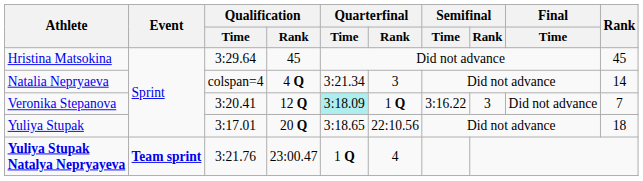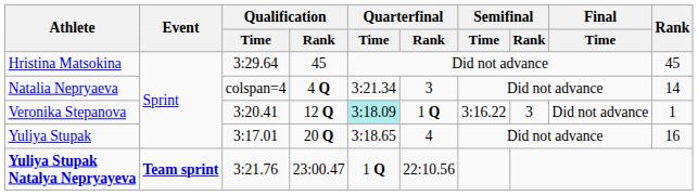 <table class=wikitable style="text-align:center; font-size:90%">
 <tr>
 <th rowspan=2>Athlete</th>
 <th rowspan=2>Event</th>
 <th colspan=2>Qualification</th>
 <th colspan=2>Quarterfinal</th>
 <th colspan=2>Semifinal</th>
 <th>Final</th>
 <th rowspan=2>Rank</th>
 </tr>
 <tr style="font-size: 95%">
 <th>Time</th>
 <th>Rank</th>
 <th>Time</th>
 <th>Rank</th>
 <th>Time</th>
 <th>Rank</th>
 <th>Time</th>
 </tr>
 <tr>
 <td align=left><a href='#'>Hristina Matsokina</a></td>
 <td rowspan=4 align=left><a href='#'>Sprint</a></td>
 <td>3:29.64</td>
 <td>45</td>
 <td colspan=5>Did not advance</td>
 <td>45</td>
 </tr>
 <tr>
 <td align=left><a href='#'>Natalia Nepryaeva</a></td>
 <td>colspan=4 </td>
 <td>4 <strong>Q</strong></td>
 <td>3:21.34</td>
 <td>3</td>
 <td colspan=3>Did not advance</td>
 <td>14</td>
 </tr>
 <tr>
 <td align=left><a href='#'>Veronika Stepanova</a></td>
 <td>3:20.41</td>
 <td>12 <strong>Q</strong></td>
 <td style="background: paleturquoise;">3:18.09</td>
 <td>1 <strong>Q</strong></td>
 <td>3:16.22</td>
 <td>3</td>
 <td>Did not advance</td>
-<td>7</td>
+<td>1</td>
 </tr>
 <tr>
 <td align=left><a href='#'>Yuliya Stupak</a></td>
 <td>3:17.01</td>
 <td>20 <strong>Q</strong></td>
 <td>3:18.65</td>
-<td>22:10.56</td>
+<td>4</td>
 <td colspan=3>Did not advance</td>
-<td>18</td>
+<td>16</td>
 </tr>
 <tr>
 <td align=left><strong><a href='#'>Yuliya Stupak</a><br><a href='#'>Natalya Nepryayeva</a></strong></td>
 <td align=left><strong><a href='#'>Team sprint</a></strong></td>
 <td>3:21.76</td>
 <td>23:00.47</td>
 <td>1 <strong>Q</strong></td>
-<td>4</td>
+<td>22:10.56</td>
 <td></td>
 </tr>
 </table>
